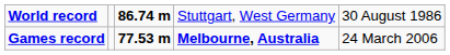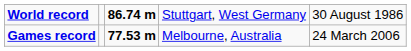 <table class="wikitable">
 <tr>
 <td><a href='#'><strong>World record</strong></a></td>
 <td></td>
 <td><strong>86.74 m</strong></td>
 <td><a href='#'>Stuttgart</a>, <a href='#'>West Germany</a></td>
 <td>30 August 1986</td>
 </tr>
 <tr>
 <td><a href='#'><strong>Games record</strong></a></td>
 <td></td>
 <td><strong>77.53 m</strong></td>
-<td><strong><a href='#'>Melbourne</a>, <a href='#'>Australia</a></strong></td>
+<td><a href='#'>Melbourne</a>, <a href='#'>Australia</a></td>
 <td>24 March 2006</td>
 </tr>
 </table>
